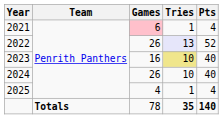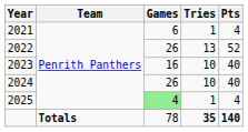 <table class="wikitable">
 <tr>
 <th>Year</th>
 <th>Team</th>
 <th>Games</th>
 <th>Tries</th>
 <th>Pts</th>
 </tr>
 <tr>
 <td align=center>2021</td>
 <td rowspan=5> <a href='#'>Penrith Panthers</a></td>
-<td align=right style="background: pink;">6</td>
+<td align=right>6</td>
 <td align=right>1</td>
 <td align=right>4</td>
 </tr>
 <tr>
 <td align=center>2022</td>
 <td align=right>26</td>
-<td align=right style="background: lavender;">13</td>
+<td align=right>13</td>
 <td align=right>52</td>
 </tr>
 <tr>
 <td align=center>2023</td>
 <td align=right>16</td>
-<td align=right style="background: khaki;">10</td>
+<td align=right>10</td>
 <td align=right>40</td>
 </tr>
 <tr>
 <td align=center>2024</td>
 <td align=right>26</td>
 <td align=right>10</td>
 <td align=right>40</td>
 </tr>
 <tr>
 <td align=center>2025</td>
-<td align=right>4</td>
+<td align=right style="background: lightgreen;">4</td>
 <td align=right>1</td>
 <td align=right>4</td>
 </tr>
 <tr>
 <td></td>
 <td align=left><strong>Totals</strong></td>
 <td align=right>78</td>
 <td align=right><strong>35</strong></td>
 <td align=right><strong>140</strong></td>
 </tr>
 </table>
